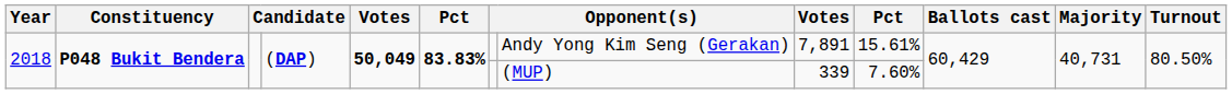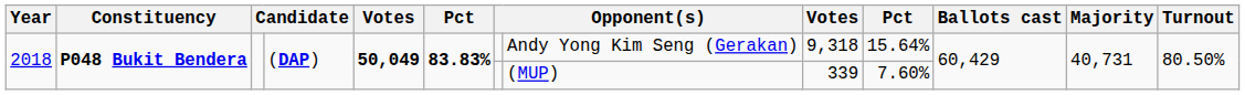 <table class="wikitable" style="margin:0.5em ; font-size:95%">
 <tr>
 <th>Year</th>
 <th>Constituency</th>
 <th colspan=2>Candidate</th>
 <th>Votes</th>
 <th>Pct</th>
 <th colspan=2>Opponent(s)</th>
 <th>Votes</th>
 <th>Pct</th>
 <th>Ballots cast</th>
 <th>Majority</th>
 <th>Turnout</th>
 </tr>
 <tr>
 <td rowspan="2"><a href='#'>2018</a></td>
 <td rowspan=2><strong>P048 <a href='#'>Bukit Bendera</a></strong></td>
 <td rowspan="2" ></td>
 <td rowspan="2"> (<a href='#'><strong>DAP</strong></a>)</td>
 <td rowspan="2" align=right><strong>50,049</strong></td>
 <td rowspan="2"><strong>83.83%</strong></td>
 <td></td>
 <td>Andy Yong Kim Seng (<a href='#'>Gerakan</a>)</td>
-<td align=right>7,891</td>
-<td>15.61%</td>
+<td align=right>9,318</td>
+<td>15.64%</td>
 <td rowspan="2">60,429</td>
 <td rowspan="2">40,731</td>
 <td rowspan="2">80.50%</td>
 </tr>
 <tr>
 <td bgcolor=></td>
 <td> (<a href='#'>MUP</a>)</td>
 <td align=right>339</td>
 <td align=right>7.60%</td>
 </tr>
 </table>
